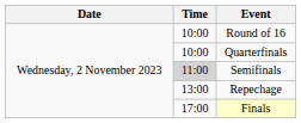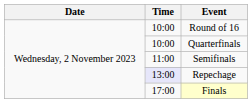 <table class = "wikitable" style="text-align:center;">
 <tr>
 <th width=220>Date</th>
 <th width=50>Time</th>
 <th width=100>Event</th>
 </tr>
 <tr>
 <td rowspan=5>Wednesday, 2 November 2023</td>
 <td>10:00</td>
 <td>Round of 16</td>
 </tr>
 <tr>
 <td>10:00</td>
 <td>Quarterfinals</td>
 </tr>
 <tr>
-<td style="background: lightgrey;">11:00</td>
+<td>11:00</td>
 <td>Semifinals</td>
 </tr>
 <tr>
-<td>13:00</td>
+<td style="background: lavender;">13:00</td>
 <td>Repechage</td>
 </tr>
 <tr>
 <td>17:00</td>
 <td bgcolor=ffffcc>Finals</td>
 </tr>
 </table>
